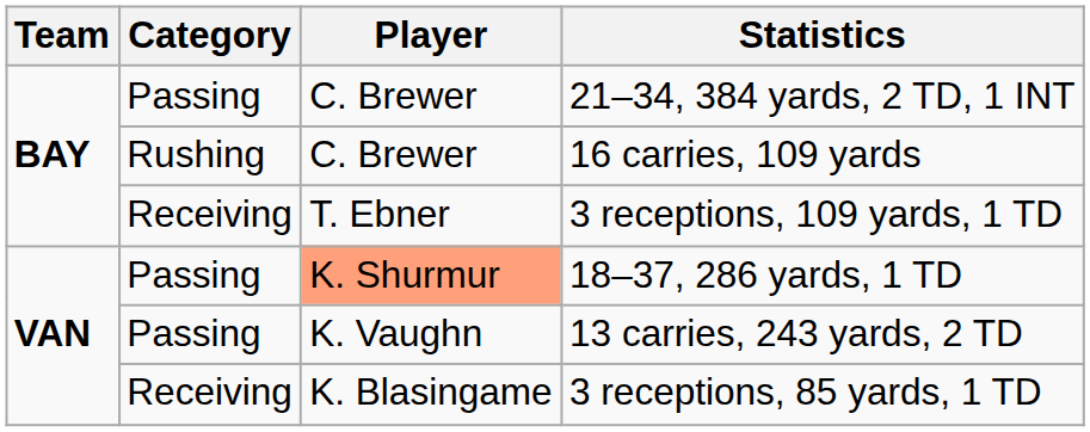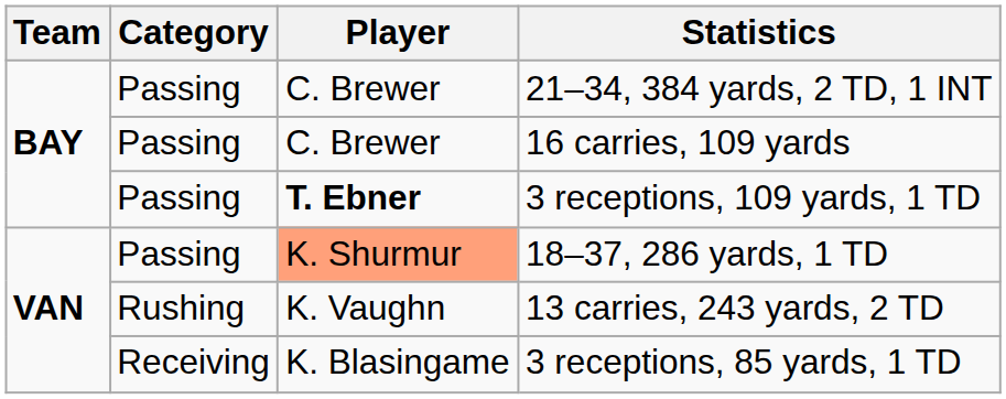 <table class="wikitable" style="float: right;">
 <tr>
 <th>Team</th>
 <th>Category</th>
 <th>Player</th>
 <th>Statistics</th>
 </tr>
 <tr>
 <td rowspan=3><strong>BAY</strong></td>
 <td>Passing</td>
 <td>C. Brewer</td>
 <td>21–34, 384 yards, 2 TD, 1 INT</td>
 </tr>
 <tr>
-<td>Rushing</td>
+<td>Passing</td>
 <td>C. Brewer</td>
 <td>16 carries, 109 yards</td>
 </tr>
 <tr>
-<td>Receiving</td>
-<td>T. Ebner</td>
+<td>Passing</td>
+<td><strong>T. Ebner</strong></td>
 <td>3 receptions, 109 yards, 1 TD</td>
 </tr>
 <tr>
 <td rowspan=3><strong>VAN</strong></td>
 <td>Passing</td>
 <td style="background: lightsalmon;">K. Shurmur</td>
 <td>18–37, 286 yards, 1 TD</td>
 </tr>
 <tr>
-<td>Passing</td>
+<td>Rushing</td>
 <td>K. Vaughn</td>
 <td>13 carries, 243 yards, 2 TD</td>
 </tr>
 <tr>
 <td>Receiving</td>
 <td>K. Blasingame</td>
 <td>3 receptions, 85 yards, 1 TD</td>
 </tr>
 </table>
